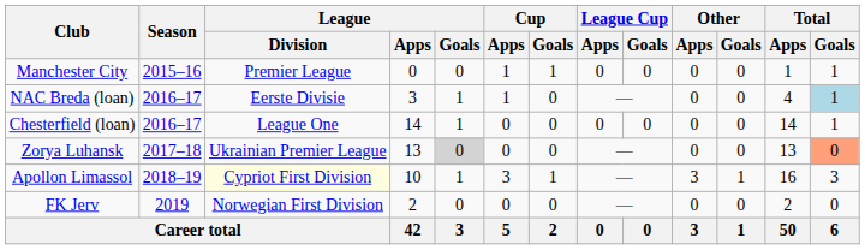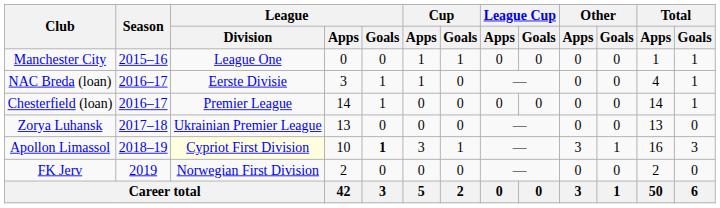 <table class="wikitable" style="text-align: center;">
 <tr>
 <th rowspan="2">Club</th>
 <th rowspan="2">Season</th>
 <th colspan="3">League</th>
 <th colspan="2">Cup</th>
 <th colspan="2"><a href='#'>League Cup</a></th>
 <th colspan="2">Other</th>
 <th colspan="2">Total</th>
 </tr>
 <tr>
 <th>Division</th>
 <th>Apps</th>
 <th>Goals</th>
 <th>Apps</th>
 <th>Goals</th>
 <th>Apps</th>
 <th>Goals</th>
 <th>Apps</th>
 <th>Goals</th>
 <th>Apps</th>
 <th>Goals</th>
 </tr>
 <tr>
 <td><a href='#'>Manchester City</a></td>
 <td><a href='#'>2015–16</a></td>
-<td><a href='#'>Premier League</a></td>
+<td><a href='#'>League One</a></td>
 <td>0</td>
 <td>0</td>
 <td>1</td>
 <td>1</td>
 <td>0</td>
 <td>0</td>
 <td>0</td>
 <td>0</td>
 <td>1</td>
 <td>1</td>
 </tr>
 <tr>
 <td><a href='#'>NAC Breda</a> (loan)</td>
 <td><a href='#'>2016–17</a></td>
 <td><a href='#'>Eerste Divisie</a></td>
 <td>3</td>
 <td>1</td>
 <td>1</td>
 <td>0</td>
 <td colspan="2">—</td>
 <td>0</td>
 <td>0</td>
 <td>4</td>
-<td style="background: lightblue;">1</td>
+<td>1</td>
 </tr>
 <tr>
 <td><a href='#'>Chesterfield</a> (loan)</td>
 <td><a href='#'>2016–17</a></td>
-<td><a href='#'>League One</a></td>
+<td><a href='#'>Premier League</a></td>
 <td>14</td>
 <td>1</td>
 <td>0</td>
 <td>0</td>
 <td>0</td>
 <td>0</td>
 <td>0</td>
 <td>0</td>
 <td>14</td>
 <td>1</td>
 </tr>
 <tr>
 <td><a href='#'>Zorya Luhansk</a></td>
 <td><a href='#'>2017–18</a></td>
 <td><a href='#'>Ukrainian Premier League</a></td>
 <td>13</td>
-<td style="background: lightgrey;">0</td>
+<td>0</td>
 <td>0</td>
 <td>0</td>
 <td colspan="2">—</td>
 <td>0</td>
 <td>0</td>
 <td>13</td>
-<td style="background: lightsalmon;">0</td>
+<td>0</td>
 </tr>
 <tr>
 <td><a href='#'>Apollon Limassol</a></td>
 <td><a href='#'>2018–19</a></td>
 <td style="background: lightyellow;"><a href='#'>Cypriot First Division</a></td>
 <td>10</td>
-<td>1</td>
+<td><strong>1</strong></td>
 <td>3</td>
 <td>1</td>
 <td colspan="2">—</td>
 <td>3</td>
 <td>1</td>
 <td>16</td>
 <td>3</td>
 </tr>
 <tr>
 <td><a href='#'>FK Jerv</a></td>
 <td><a href='#'>2019</a></td>
 <td><a href='#'>Norwegian First Division</a></td>
 <td>2</td>
 <td>0</td>
 <td>0</td>
 <td>0</td>
 <td colspan="2">—</td>
 <td>0</td>
 <td>0</td>
 <td>2</td>
 <td>0</td>
 </tr>
 <tr>
 <th colspan="3">Career total</th>
 <th>42</th>
 <th>3</th>
 <th>5</th>
 <th>2</th>
 <th>0</th>
 <th>0</th>
 <th>3</th>
 <th>1</th>
 <th>50</th>
 <th>6</th>
 </tr>
 </table>
